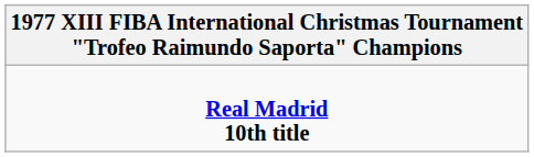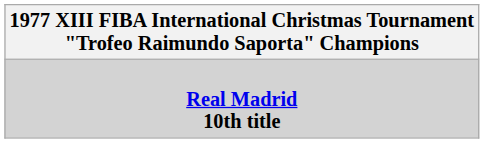 <table class=wikitable style="text-align:center; margin:auto">
 <tr>
 <th>1977 XIII FIBA International Christmas Tournament<br>"Trofeo Raimundo Saporta" Champions</th>
 </tr>
 <tr>
-<td><br><strong><a href='#'>Real Madrid</a></strong><br><strong>10th title</strong></td>
+<td style="background: lightgrey;"><br><strong><a href='#'>Real Madrid</a></strong><br><strong>10th title</strong></td>
 </tr>
 </table>
